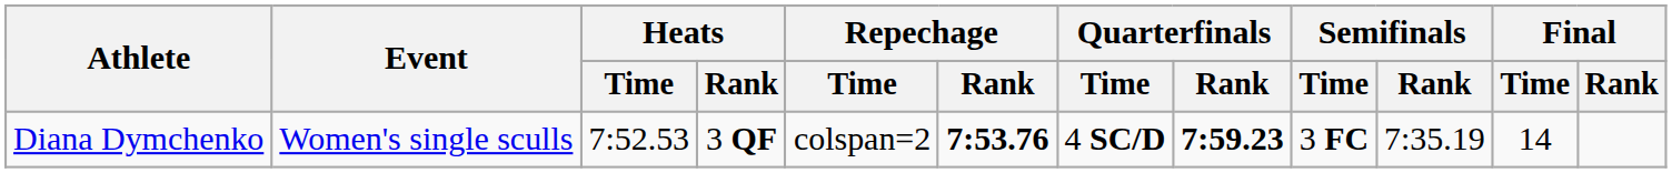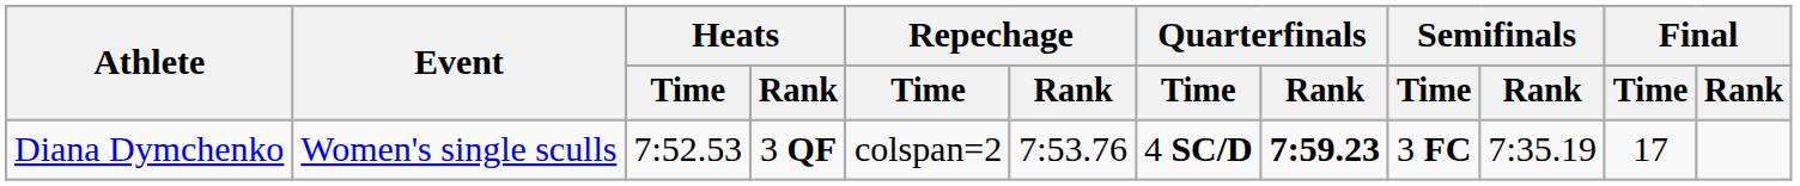 <table class=wikitable style=font-size:90%;text-align:center>
 <tr>
 <th rowspan=2>Athlete</th>
 <th rowspan=2>Event</th>
 <th colspan=2>Heats</th>
 <th colspan=2>Repechage</th>
 <th colspan=2>Quarterfinals</th>
 <th colspan=2>Semifinals</th>
 <th colspan=2>Final</th>
 </tr>
 <tr style=font-size:95%>
 <th>Time</th>
 <th>Rank</th>
 <th>Time</th>
 <th>Rank</th>
 <th>Time</th>
 <th>Rank</th>
 <th>Time</th>
 <th>Rank</th>
 <th>Time</th>
 <th>Rank</th>
 </tr>
 <tr>
 <td align=left><a href='#'>Diana Dymchenko</a></td>
 <td align=left><a href='#'>Women's single sculls</a></td>
 <td>7:52.53</td>
 <td>3 <strong>QF</strong></td>
 <td>colspan=2 </td>
-<td><strong>7:53.76</strong></td>
+<td>7:53.76</td>
 <td>4 <strong>SC/D</strong></td>
 <td><strong>7:59.23</strong></td>
 <td>3 <strong>FC</strong></td>
 <td>7:35.19</td>
-<td>14</td>
+<td>17</td>
 </tr>
 </table>
